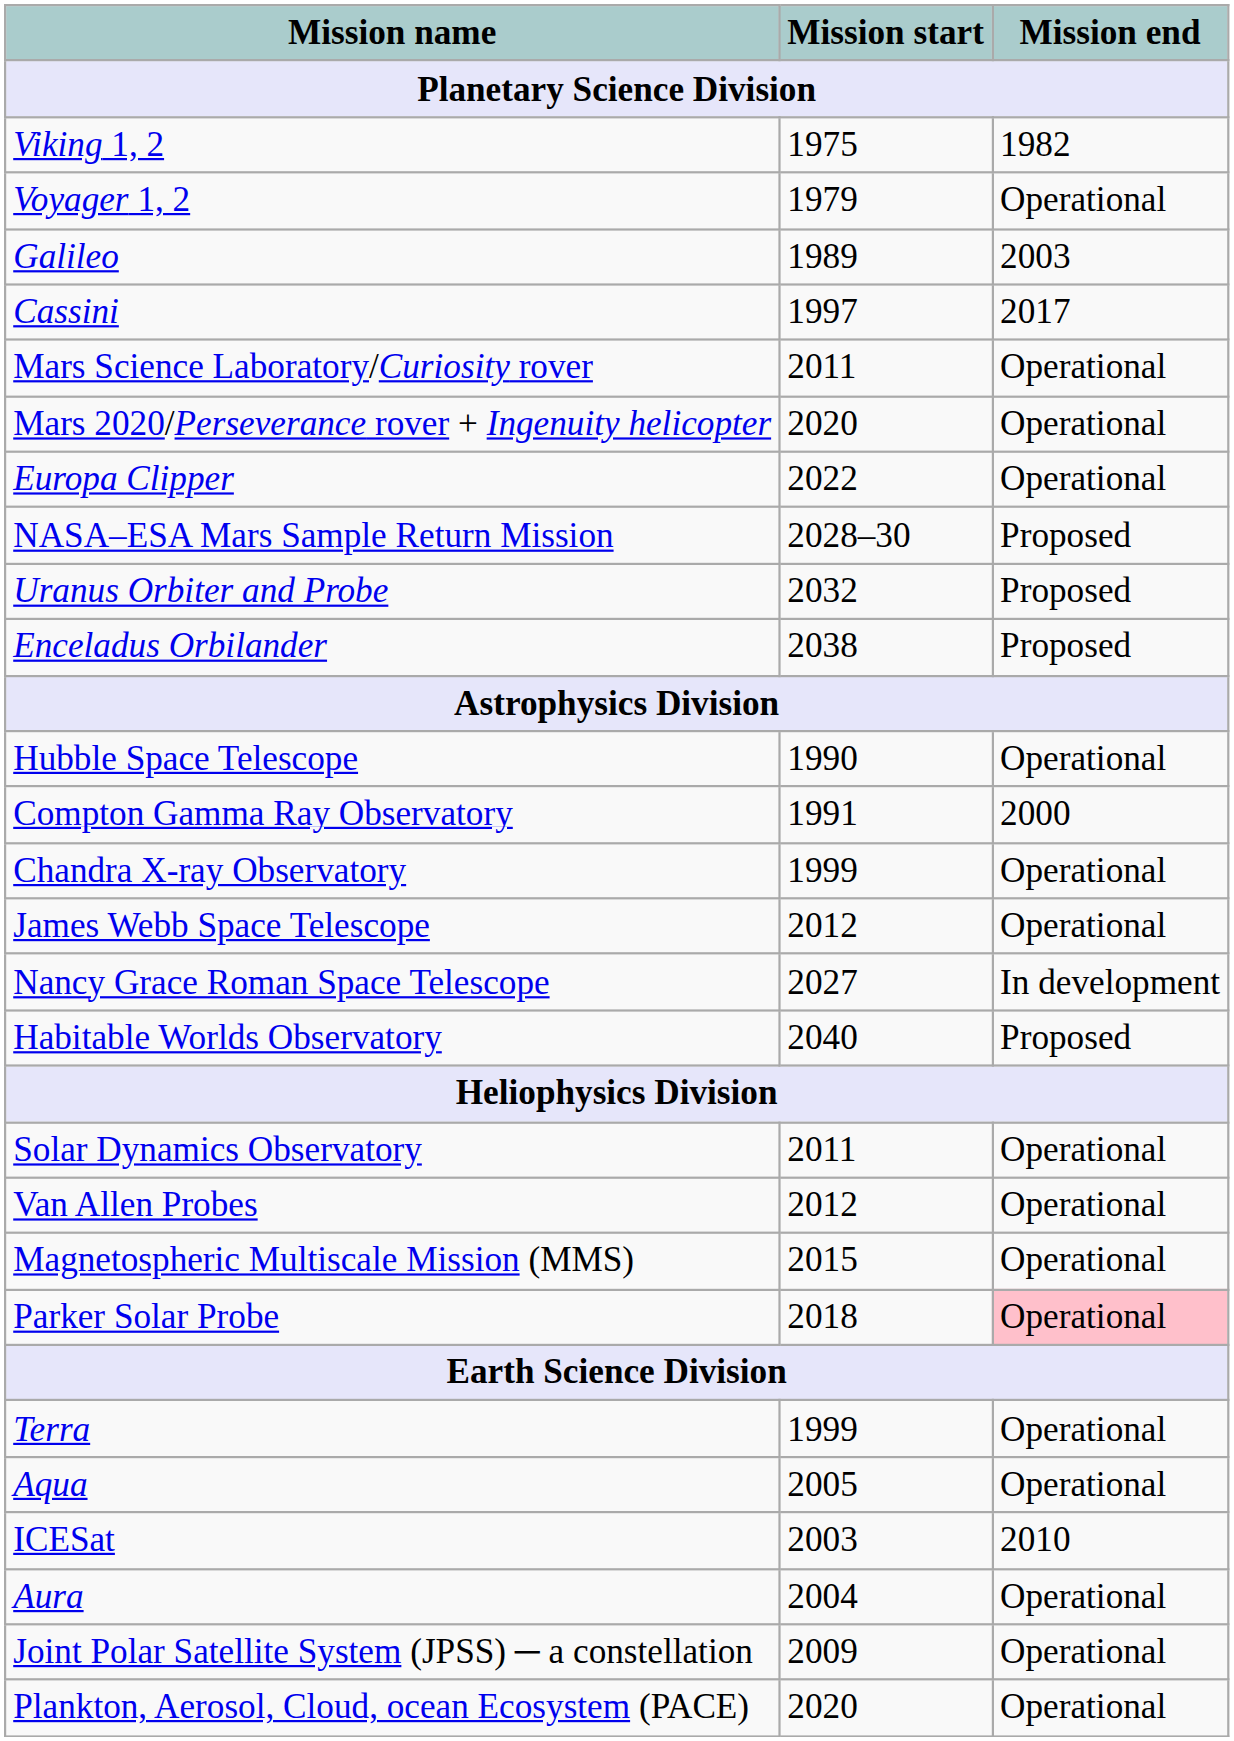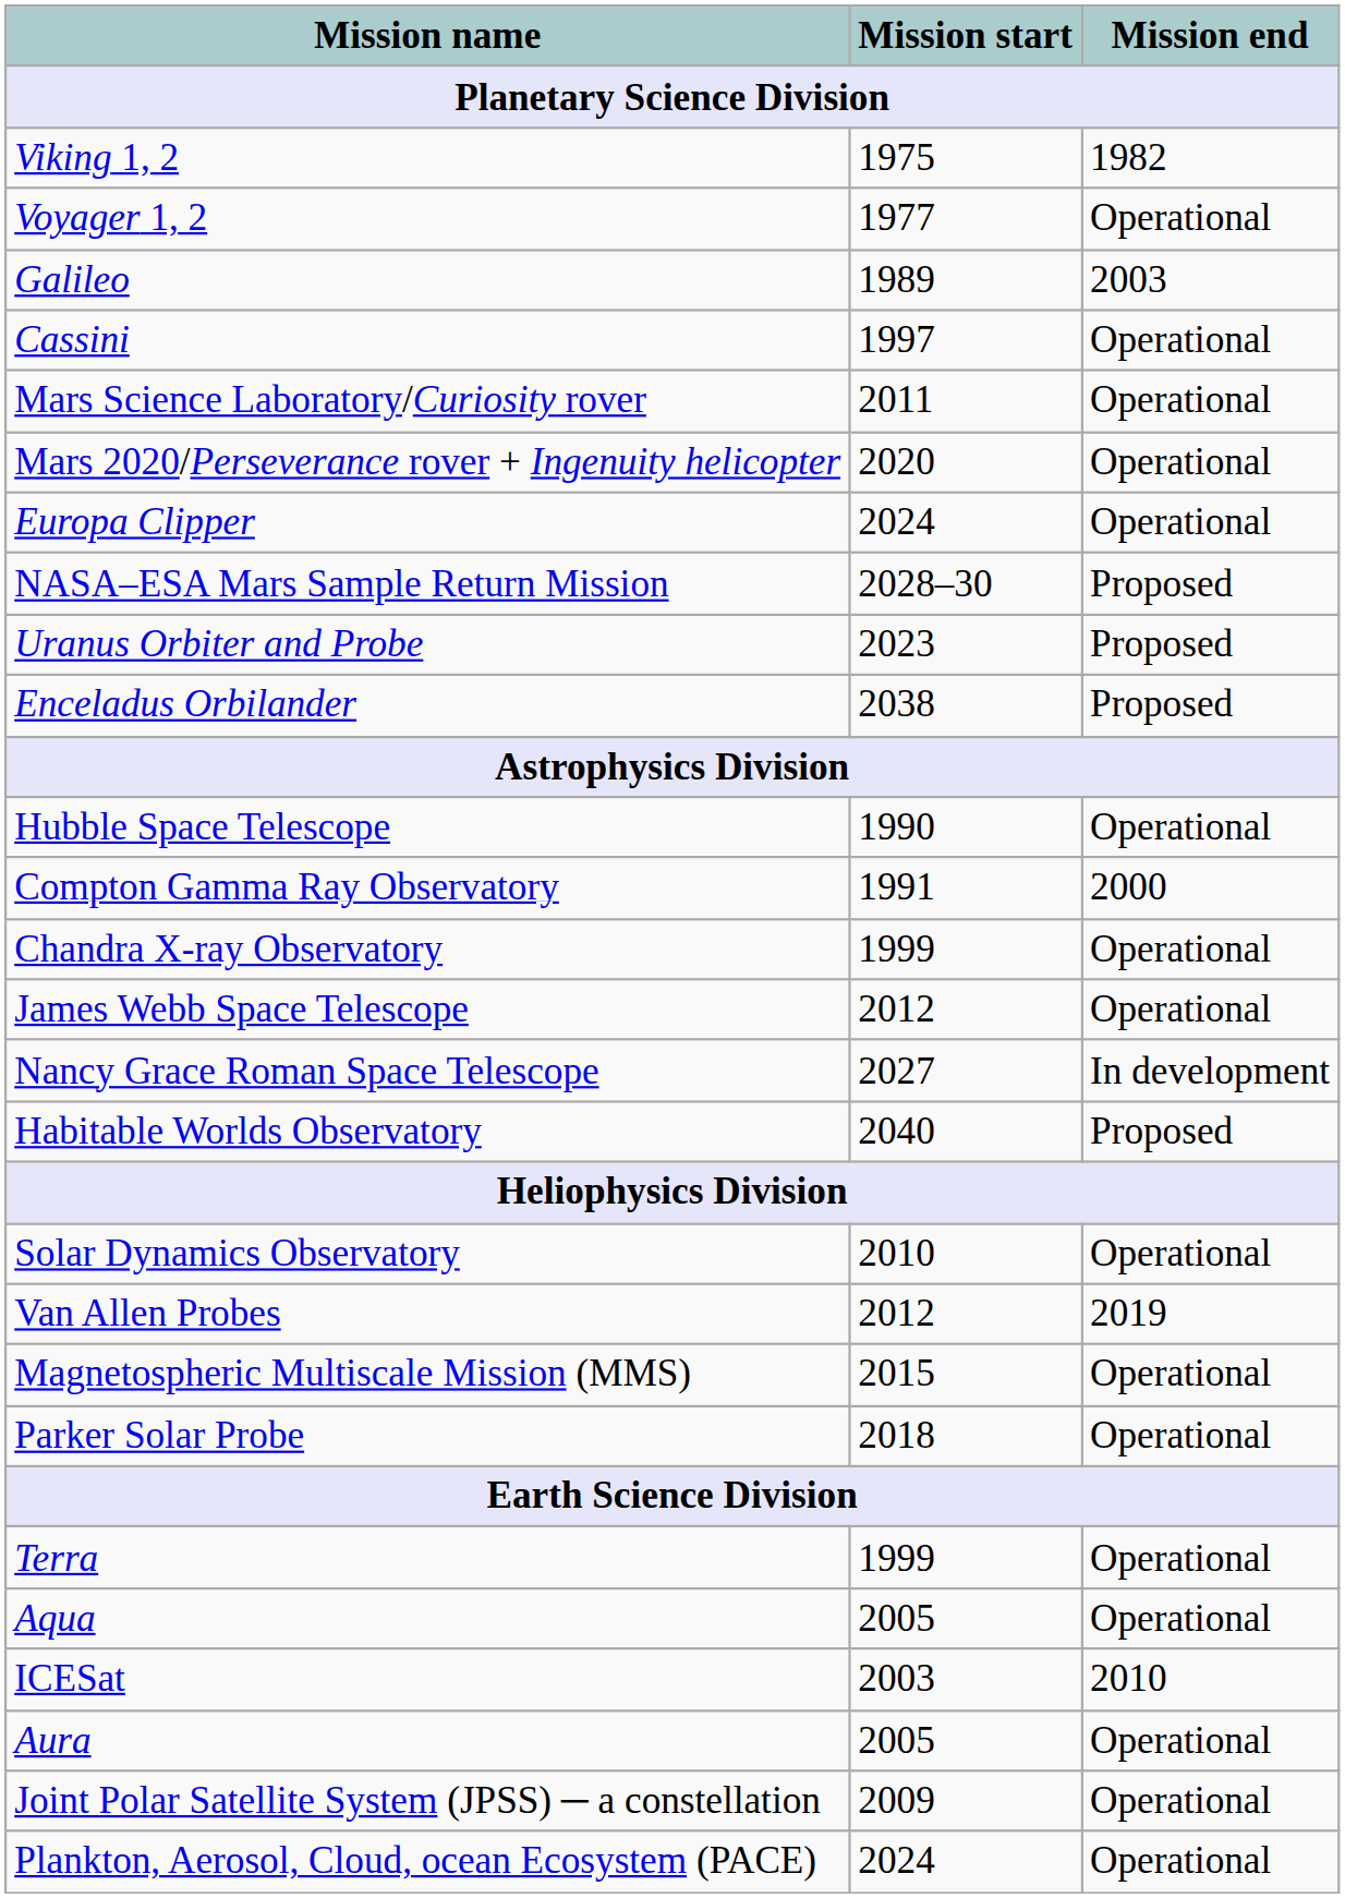 <table class="wikitable">
 <tr>
 <th style="text-align:center; background:#acc;">Mission name</th>
 <th style="text-align:center; background:#acc;">Mission start</th>
 <th style="text-align:center; background:#acc;">Mission end</th>
 </tr>
 <tr>
 <th style="align: center; background: lavender;" colspan="3">Planetary Science Division</th>
 </tr>
 <tr>
 <td><a href='#'><em>Viking</em> 1, 2</a></td>
 <td>1975</td>
 <td>1982</td>
 </tr>
 <tr>
 <td><a href='#'><em>Voyager</em> 1, 2</a></td>
-<td>1979</td>
+<td>1977</td>
 <td>Operational</td>
 </tr>
 <tr>
 <td><a href='#'><em>Galileo</em></a></td>
 <td>1989</td>
 <td>2003</td>
 </tr>
 <tr>
 <td><em><a href='#'>Cassini</a></em></td>
 <td>1997</td>
-<td>2017</td>
+<td>Operational</td>
 </tr>
 <tr>
 <td><a href='#'>Mars Science Laboratory</a>/<a href='#'><em>Curiosity</em> rover</a></td>
 <td>2011</td>
 <td>Operational</td>
 </tr>
 <tr>
 <td><a href='#'>Mars 2020</a>/<a href='#'><em>Perseverance</em> rover</a> + <em><a href='#'>Ingenuity helicopter</a></em></td>
 <td>2020</td>
 <td>Operational</td>
 </tr>
 <tr>
 <td><em><a href='#'>Europa Clipper</a></em></td>
-<td>2022</td>
+<td>2024</td>
 <td>Operational</td>
 </tr>
 <tr>
 <td><a href='#'>NASA–ESA Mars Sample Return Mission</a></td>
 <td>2028–30</td>
 <td>Proposed</td>
 </tr>
 <tr>
 <td><em><a href='#'>Uranus Orbiter and Probe</a></em></td>
-<td>2032</td>
+<td>2023</td>
 <td>Proposed</td>
 </tr>
 <tr>
 <td><em><a href='#'>Enceladus Orbilander</a></em></td>
 <td>2038</td>
 <td>Proposed</td>
 </tr>
 <tr>
 <th style="align: center; background: lavender;" colspan="3">Astrophysics Division</th>
 </tr>
 <tr>
 <td><a href='#'>Hubble Space Telescope</a></td>
 <td>1990</td>
 <td>Operational</td>
 </tr>
 <tr>
 <td><a href='#'>Compton Gamma Ray Observatory</a></td>
 <td>1991</td>
 <td>2000</td>
 </tr>
 <tr>
 <td><a href='#'>Chandra X-ray Observatory</a></td>
 <td>1999</td>
 <td>Operational</td>
 </tr>
 <tr>
 <td><a href='#'>James Webb Space Telescope</a></td>
 <td>2012</td>
 <td>Operational</td>
 </tr>
 <tr>
 <td><a href='#'>Nancy Grace Roman Space Telescope</a></td>
 <td>2027</td>
 <td>In development</td>
 </tr>
 <tr>
 <td><a href='#'>Habitable Worlds Observatory</a></td>
 <td>2040</td>
 <td>Proposed</td>
 </tr>
 <tr>
 <th style="align: center; background: lavender;" colspan="3">Heliophysics Division</th>
 </tr>
 <tr>
 <td><a href='#'>Solar Dynamics Observatory</a></td>
-<td>2011</td>
+<td>2010</td>
 <td>Operational</td>
 </tr>
 <tr>
 <td><a href='#'>Van Allen Probes</a></td>
 <td>2012</td>
-<td>Operational</td>
+<td>2019</td>
 </tr>
 <tr>
 <td><a href='#'>Magnetospheric Multiscale Mission</a> (MMS)</td>
 <td>2015</td>
 <td>Operational</td>
 </tr>
 <tr>
 <td><a href='#'>Parker Solar Probe</a></td>
 <td>2018</td>
-<td style="background: pink;">Operational</td>
+<td>Operational</td>
 </tr>
 <tr>
 <th style="align: center; background: lavender;" colspan="3">Earth Science Division</th>
 </tr>
 <tr>
 <td><a href='#'><em>Terra</em></a></td>
 <td>1999</td>
 <td>Operational</td>
 </tr>
 <tr>
 <td><a href='#'><em>Aqua</em></a></td>
 <td>2005</td>
 <td>Operational</td>
 </tr>
 <tr>
 <td><a href='#'>ICESat</a></td>
 <td>2003</td>
 <td>2010</td>
 </tr>
 <tr>
 <td><a href='#'><em>Aura</em></a></td>
-<td>2004</td>
+<td>2005</td>
 <td>Operational</td>
 </tr>
 <tr>
 <td><a href='#'>Joint Polar Satellite System</a> (JPSS) ─ a constellation</td>
 <td>2009</td>
 <td>Operational</td>
 </tr>
 <tr>
 <td><a href='#'>Plankton, Aerosol, Cloud, ocean Ecosystem</a> (PACE)</td>
-<td>2020</td>
+<td>2024</td>
 <td>Operational</td>
 </tr>
 </table>
